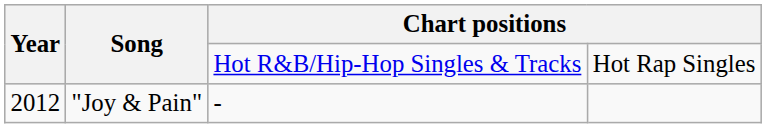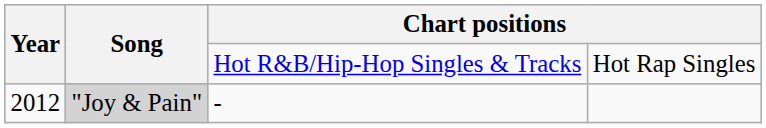 <table class="wikitable">
 <tr>
 <th rowspan="2"><strong>Year</strong></th>
 <th rowspan="2"><strong>Song</strong></th>
 <th colspan="2"><strong>Chart positions</strong></th>
 </tr>
 <tr>
 <td><a href='#'>Hot R&B/Hip-Hop Singles & Tracks</a></td>
 <td>Hot Rap Singles</td>
 </tr>
 <tr>
 <td>2012</td>
-<td>"Joy & Pain"</td>
+<td style="background: lightgrey;">"Joy & Pain"</td>
 <td>-</td>
 <td></td>
 </tr>
 </table>
